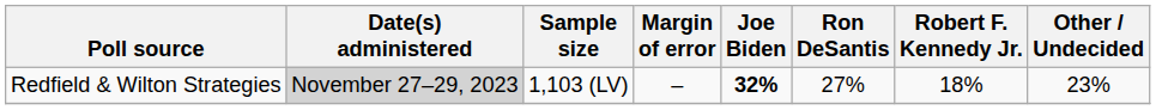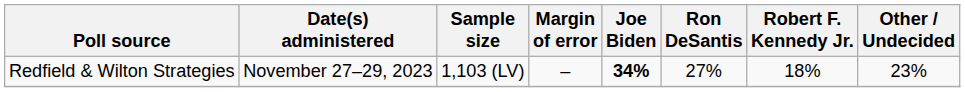 <table class="wikitable sortable mw-datatable" style="font-size:90%;text-align:center;line-height:17px">
 <tr valign=bottom>
 <th>Poll source</th>
 <th>Date(s)<br>administered</th>
 <th>Sample<br>size</th>
 <th>Margin<br>of error</th>
 <th class="unsortable">Joe<br>Biden<br></th>
 <th class="unsortable">Ron<br>DeSantis<br></th>
 <th class="unsortable">Robert F.<br>Kennedy Jr.<br></th>
 <th class="unsortable">Other /<br>Undecided</th>
 </tr>
 <tr>
 <td style="text-align:left;">Redfield & Wilton Strategies</td>
-<td data-sort-value="2023-12-05" style="background: lightgrey;">November 27–29, 2023</td>
+<td data-sort-value="2023-12-05">November 27–29, 2023</td>
 <td>1,103 (LV)</td>
 <td>–</td>
-<td style="color:black;background-color:"><strong>32%</strong></td>
+<td style="color:black;background-color:"><strong>34%</strong></td>
 <td>27%</td>
 <td>18%</td>
 <td>23%</td>
 </tr>
 <tr>
 </tr>
 </table>
